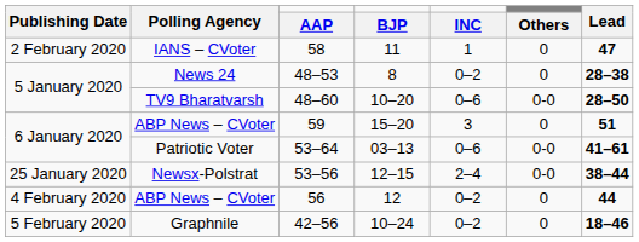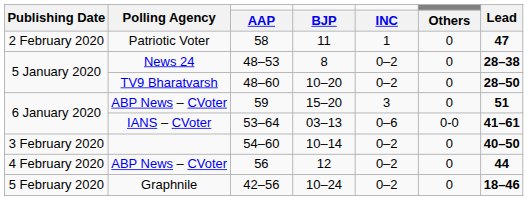 <table class="wikitable collapsible sortable" style="text-align:center">
 <tr>
 <th rowspan="2">Publishing Date</th>
 <th rowspan="2">Polling Agency</th>
 <td></td>
 <td></td>
 <td></td>
 <td style="background:gray;"></td>
 <th rowspan="2">Lead</th>
 </tr>
 <tr>
 <th width="70"><a href='#'>AAP</a></th>
 <th width="70"><a href='#'>BJP</a></th>
 <th width="70"><a href='#'>INC</a></th>
 <th width="70" rowspan="1">Others</th>
 </tr>
 <tr>
 <td>2 February 2020</td>
-<td><a href='#'>IANS</a> – <a href='#'>CVoter</a></td>
+<td>Patriotic Voter </td>
 <td>58</td>
 <td>11</td>
 <td>1</td>
 <td>0</td>
 <td style="background:"><span><strong>47</strong></span><br><span></span></td>
 </tr>
 <tr>
 <td rowspan="2">5 January 2020</td>
 <td><a href='#'>News 24</a></td>
 <td>48–53</td>
 <td>8<br></td>
 <td>0–2</td>
 <td>0</td>
 <td style="background:"><span><strong>28–38</strong></span></td>
 </tr>
 <tr>
 <td><a href='#'>TV9 Bharatvarsh</a></td>
 <td>48–60</td>
 <td>10–20</td>
-<td>0–6</td>
-<td>0-0</td>
+<td>0–2</td>
+<td>0</td>
 <td style="background:"><span><strong>28–50</strong></span></td>
 </tr>
 <tr>
 <td rowspan="2">6 January 2020</td>
 <td><a href='#'>ABP News</a> – <a href='#'>CVoter</a></td>
 <td>59<br></td>
 <td>15–20</td>
 <td>3<br></td>
 <td>0<br></td>
 <td style="background:"><span><strong>51</strong></span><br><span></span></td>
 </tr>
 <tr>
-<td>Patriotic Voter </td>
+<td><a href='#'>IANS</a> – <a href='#'>CVoter</a></td>
 <td>53–64</td>
 <td>03–13</td>
 <td>0–6</td>
 <td>0-0</td>
 <td style="background:"><span><strong>41–61</strong></span><br></td>
 </tr>
 <tr>
-<td>25 January 2020</td>
-<td><a href='#'>Newsx</a>-Polstrat</td>
-<td>53–56</td>
-<td>12–15</td>
-<td>2–4</td>
-<td>0-0</td>
-<td style="background:"><span><strong>38–44</strong></span><br></td>
+<td>3 February 2020</td>
+<td></td>
+<td>54–60<br></td>
+<td>10–14<br></td>
+<td>0–2<br></td>
+<td>0<br></td>
+<td style="background:"><span><strong>40–50</strong></span><br><span></span></td>
 </tr>
 <tr>
 <td>4 February 2020</td>
 <td><a href='#'>ABP News</a> – <a href='#'>CVoter</a></td>
 <td>56</td>
 <td>12</td>
 <td>0–2</td>
 <td>0</td>
 <td style="background:"><span><strong>44</strong></span><br></td>
 </tr>
 <tr>
 <td>5 February 2020</td>
 <td>Graphnile</td>
 <td>42–56<br></td>
 <td>10–24<br></td>
 <td>0–2<br></td>
 <td>0<br></td>
 <td style="background:"><span><strong>18–46</strong></span><br><span></span></td>
 </tr>
 </table>
